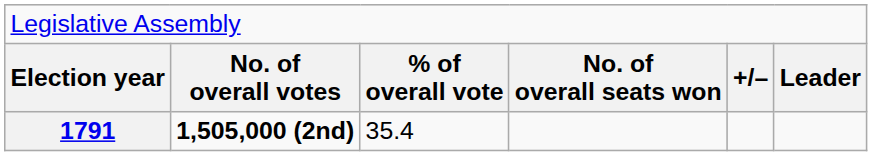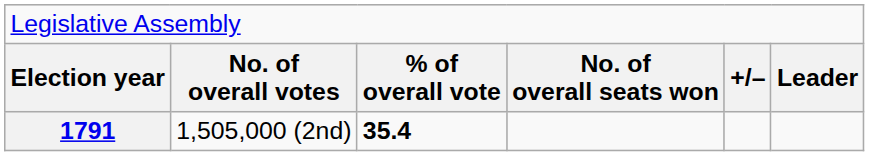 <table class=wikitable>
 <tr>
 <td colspan=6><a href='#'>Legislative Assembly</a></td>
 </tr>
 <tr>
 <th>Election year</th>
 <th>No. of<br>overall votes</th>
 <th>% of<br>overall vote</th>
 <th>No. of<br>overall seats won</th>
 <th>+/–</th>
 <th>Leader</th>
 </tr>
 <tr>
 <th><a href='#'>1791</a></th>
-<td><strong>1,505,000 (2nd)</strong></td>
-<td>35.4</td>
+<td>1,505,000 (2nd)</td>
+<td><strong>35.4</strong></td>
 <td></td>
 <td></td>
 <td></td>
 </tr>
 </table>
